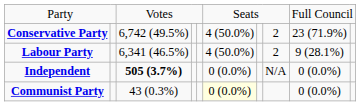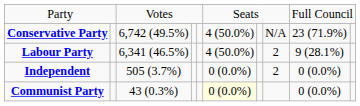 <table class=wikitable style="text-align:center;">
 <tr>
 <td colspan=2>Party</td>
 <td colspan=3>Votes</td>
 <td colspan=3>Seats</td>
 <td colspan=3>Full Council</td>
 </tr>
 <tr>
 <td><strong><a href='#'>Conservative Party</a></strong></td>
 <td style="background:"></td>
 <td>6,742 (49.5%)</td>
 <td></td>
 <td></td>
 <td>4 (50.0%)</td>
 <td></td>
-<td> 2</td>
+<td>N/A</td>
 <td>23 (71.9%)</td>
 <td></td>
 </tr>
 <tr>
 <td><strong><a href='#'>Labour Party</a></strong></td>
 <td style="background:"></td>
 <td>6,341 (46.5%)</td>
 <td></td>
 <td></td>
 <td>4 (50.0%)</td>
 <td></td>
 <td> 2</td>
 <td>9 (28.1%)</td>
 <td></td>
 </tr>
 <tr>
 <td><strong><a href='#'>Independent</a></strong></td>
 <td style="background:"></td>
-<td><strong>505 (3.7%)</strong></td>
+<td>505 (3.7%)</td>
 <td></td>
 <td></td>
 <td>0 (0.0%)</td>
 <td></td>
-<td>N/A</td>
+<td> 2</td>
 <td>0 (0.0%)</td>
 <td></td>
 </tr>
 <tr>
 <td><strong><a href='#'>Communist Party</a></strong></td>
 <td style="background:"></td>
 <td>43 (0.3%)</td>
 <td></td>
 <td></td>
 <td style="background: lightyellow;">0 (0.0%)</td>
 <td></td>
 <td></td>
 <td>0 (0.0%)</td>
 <td></td>
 </tr>
 </table>
